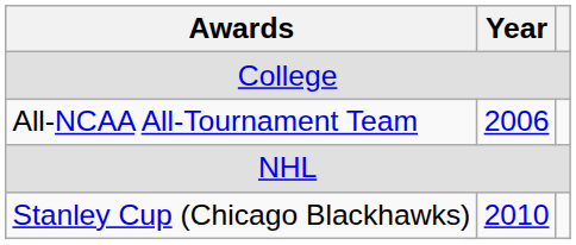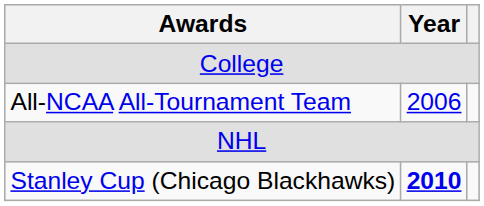 <table class=wikitable>
 <tr>
 <th>Awards</th>
 <th>Year</th>
 <th></th>
 </tr>
 <tr ALIGN=center bgcolor="#e0e0e0">
 <td colspan=3><a href='#'>College</a></td>
 </tr>
 <tr>
 <td>All-<a href='#'>NCAA</a> <a href='#'>All-Tournament Team</a></td>
 <td><a href='#'>2006</a></td>
 <td></td>
 </tr>
 <tr ALIGN=center bgcolor="#e0e0e0">
 <td colspan=3><a href='#'>NHL</a></td>
 </tr>
 <tr>
 <td><a href='#'>Stanley Cup</a> (Chicago Blackhawks)</td>
-<td><a href='#'>2010</a></td>
+<td><strong><a href='#'>2010</a></strong></td>
 <td></td>
 </tr>
 </table>
